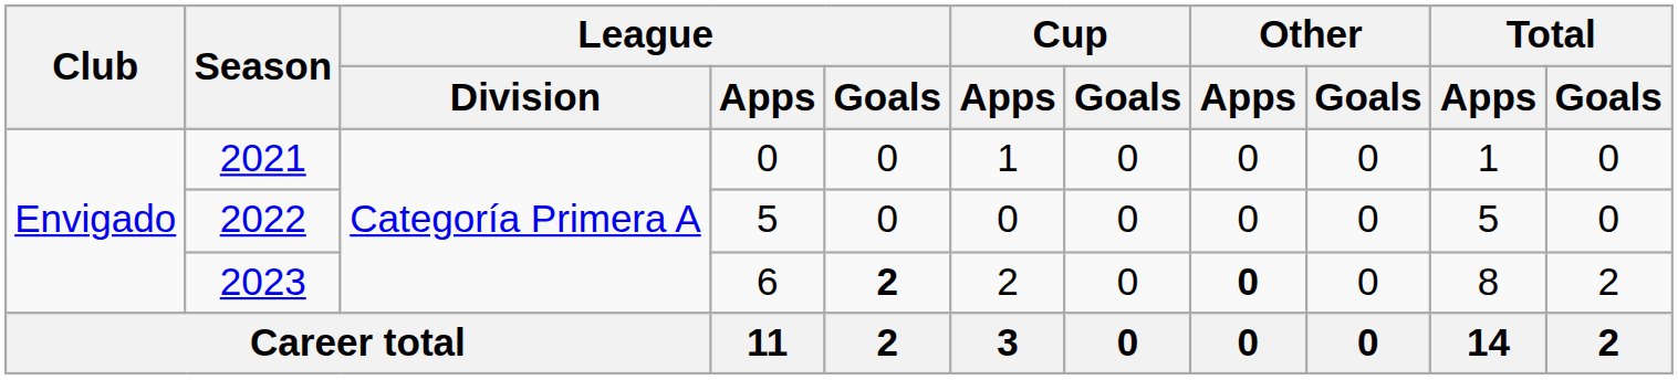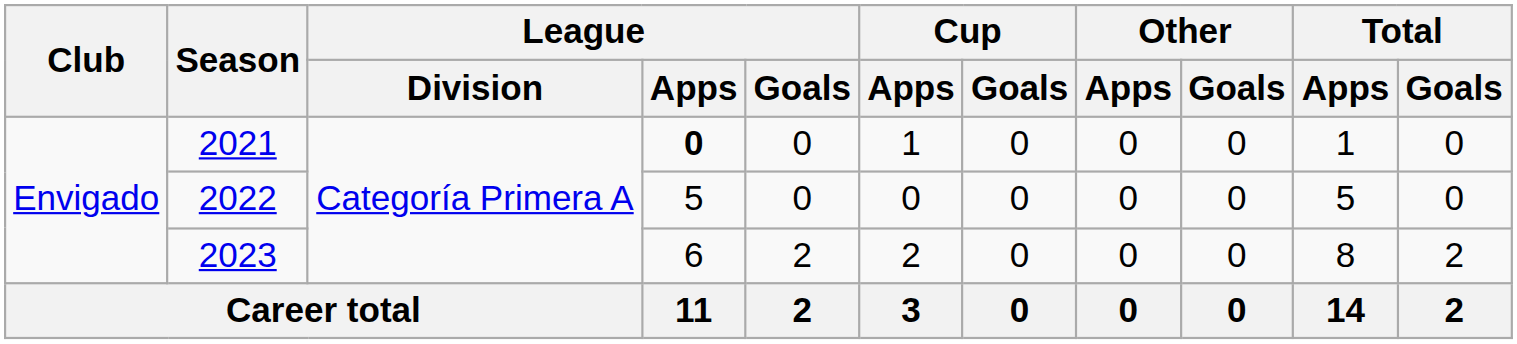 <table class=wikitable style=text-align:center>
 <tr>
 <th rowspan="2">Club</th>
 <th rowspan="2">Season</th>
 <th colspan="3">League</th>
 <th colspan="2">Cup</th>
 <th colspan="2">Other</th>
 <th colspan="2">Total</th>
 </tr>
 <tr>
 <th>Division</th>
 <th>Apps</th>
 <th>Goals</th>
 <th>Apps</th>
 <th>Goals</th>
 <th>Apps</th>
 <th>Goals</th>
 <th>Apps</th>
 <th>Goals</th>
 </tr>
 <tr>
 <td rowspan=3><a href='#'>Envigado</a></td>
 <td><a href='#'>2021</a></td>
 <td rowspan=3><a href='#'>Categoría Primera A</a></td>
-<td>0</td>
+<td><strong>0</strong></td>
 <td>0</td>
 <td>1</td>
 <td>0</td>
 <td>0</td>
 <td>0</td>
 <td>1</td>
 <td>0</td>
 </tr>
 <tr>
 <td><a href='#'>2022</a></td>
 <td>5</td>
 <td>0</td>
 <td>0</td>
 <td>0</td>
 <td>0</td>
 <td>0</td>
 <td>5</td>
 <td>0</td>
 </tr>
 <tr>
 <td><a href='#'>2023</a></td>
 <td>6</td>
-<td><strong>2</strong></td>
+<td>2</td>
 <td>2</td>
 <td>0</td>
-<td><strong>0</strong></td>
+<td>0</td>
 <td>0</td>
 <td>8</td>
 <td>2</td>
 </tr>
 <tr>
 <th colspan="3"><strong>Career total</strong></th>
 <th>11</th>
 <th>2</th>
 <th>3</th>
 <th>0</th>
 <th>0</th>
 <th>0</th>
 <th>14</th>
 <th>2</th>
 </tr>
 </table>
